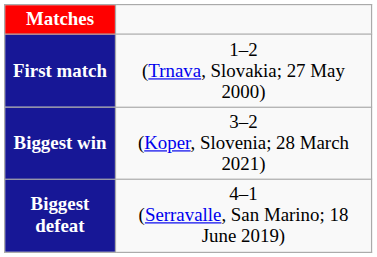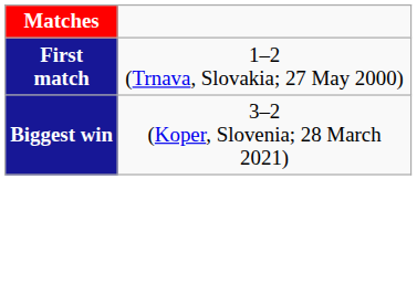 <table class="wikitable collapsible" style="width:50%; text-align:center;">
 <tr>
 <th style="background:#ff0000; color:white; "><strong>Matches</strong></th>
 </tr>
 <tr>
 <th style="background:#171796; color:white; ">First match</th>
 <td> 1–2 <br>(<a href='#'>Trnava</a>, Slovakia; 27 May 2000)</td>
 </tr>
 <tr>
 <th style="background:#171796; color:white; ">Biggest win</th>
 <td> 3–2 <br>(<a href='#'>Koper</a>, Slovenia; 28 March 2021)</td>
 </tr>
-<tr>
-<th style="background:#171796; color:white; ">Biggest defeat</th>
-<td> 4–1 <br>(<a href='#'>Serravalle</a>, San Marino; 18 June 2019)</td>
-</tr>
 </table>
